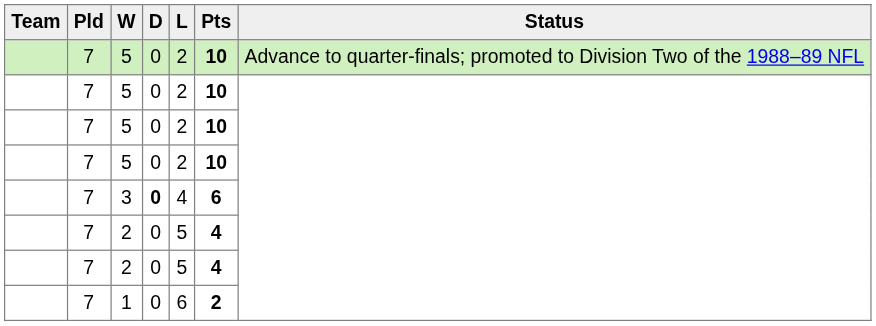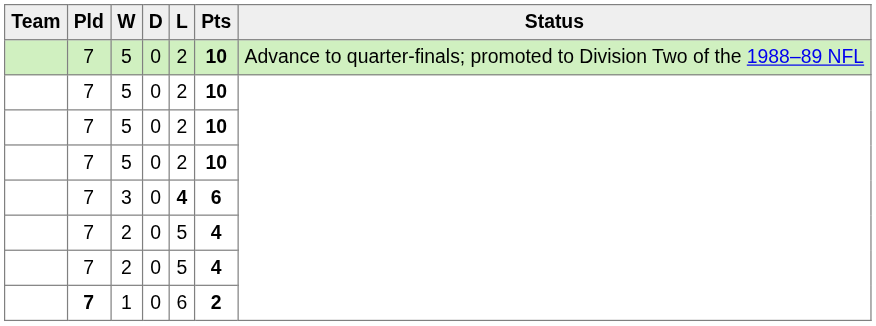 <table style=border-collapse:collapse border=1 cellspacing=0 cellpadding=5>
 <tr align=center bgcolor=#efefef>
 <th>Team</th>
 <th>Pld</th>
 <th>W</th>
 <th>D</th>
 <th>L</th>
 <th>Pts</th>
 <th>Status</th>
 </tr>
 <tr align=center style="background:#D0F0C0;">
 <td style="text-align:left;"> </td>
 <td>7</td>
 <td>5</td>
 <td>0</td>
 <td>2</td>
 <td><strong>10</strong></td>
 <td rowspan=1>Advance to quarter-finals; promoted to Division Two of the <a href='#'>1988–89 NFL</a></td>
 </tr>
 <tr align=center style="background:#FFFFFF;">
 <td style="text-align:left;"> </td>
 <td>7</td>
 <td>5</td>
 <td>0</td>
 <td>2</td>
 <td><strong>10</strong></td>
 <td rowspan=7></td>
 </tr>
 <tr align=center style="background:#FFFFFF;">
 <td style="text-align:left;"> </td>
 <td>7</td>
 <td>5</td>
 <td>0</td>
 <td>2</td>
 <td><strong>10</strong></td>
 </tr>
 <tr align=center style="background:#FFFFFF;">
 <td style="text-align:left;"> </td>
 <td>7</td>
 <td>5</td>
 <td>0</td>
 <td>2</td>
 <td><strong>10</strong></td>
 </tr>
 <tr align=center style="background:#FFFFFF;">
 <td style="text-align:left;"> </td>
 <td>7</td>
 <td>3</td>
-<td><strong>0</strong></td>
-<td>4</td>
+<td>0</td>
+<td><strong>4</strong></td>
 <td><strong>6</strong></td>
 </tr>
 <tr align=center style="background:#FFFFFF;">
 <td style="text-align:left;"> </td>
 <td>7</td>
 <td>2</td>
 <td>0</td>
 <td>5</td>
 <td><strong>4</strong></td>
 </tr>
 <tr align=center style="background:#FFFFFF;">
 <td style="text-align:left;"> </td>
 <td>7</td>
 <td>2</td>
 <td>0</td>
 <td>5</td>
 <td><strong>4</strong></td>
 </tr>
 <tr align=center style="background:#FFFFFF;">
 <td style="text-align:left;"> </td>
-<td>7</td>
+<td><strong>7</strong></td>
 <td>1</td>
 <td>0</td>
 <td>6</td>
 <td><strong>2</strong></td>
 </tr>
 </table>
